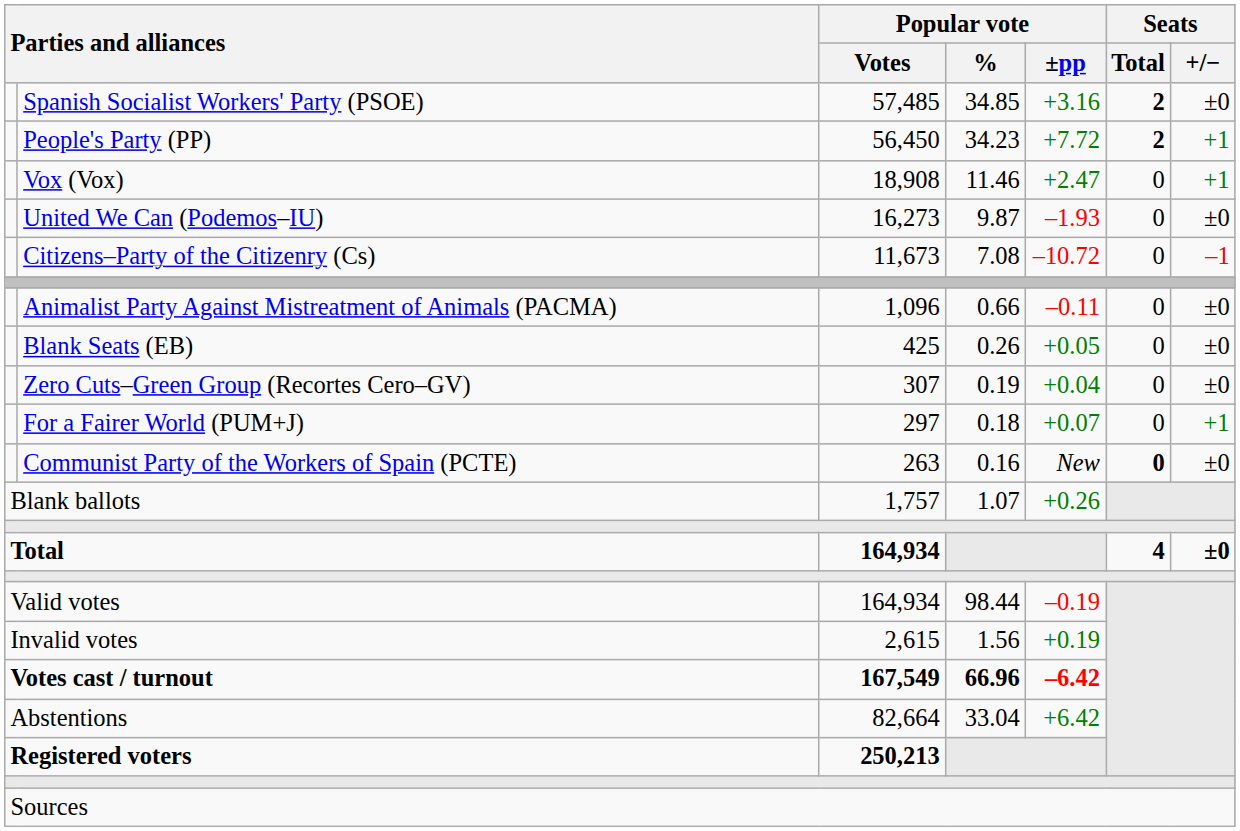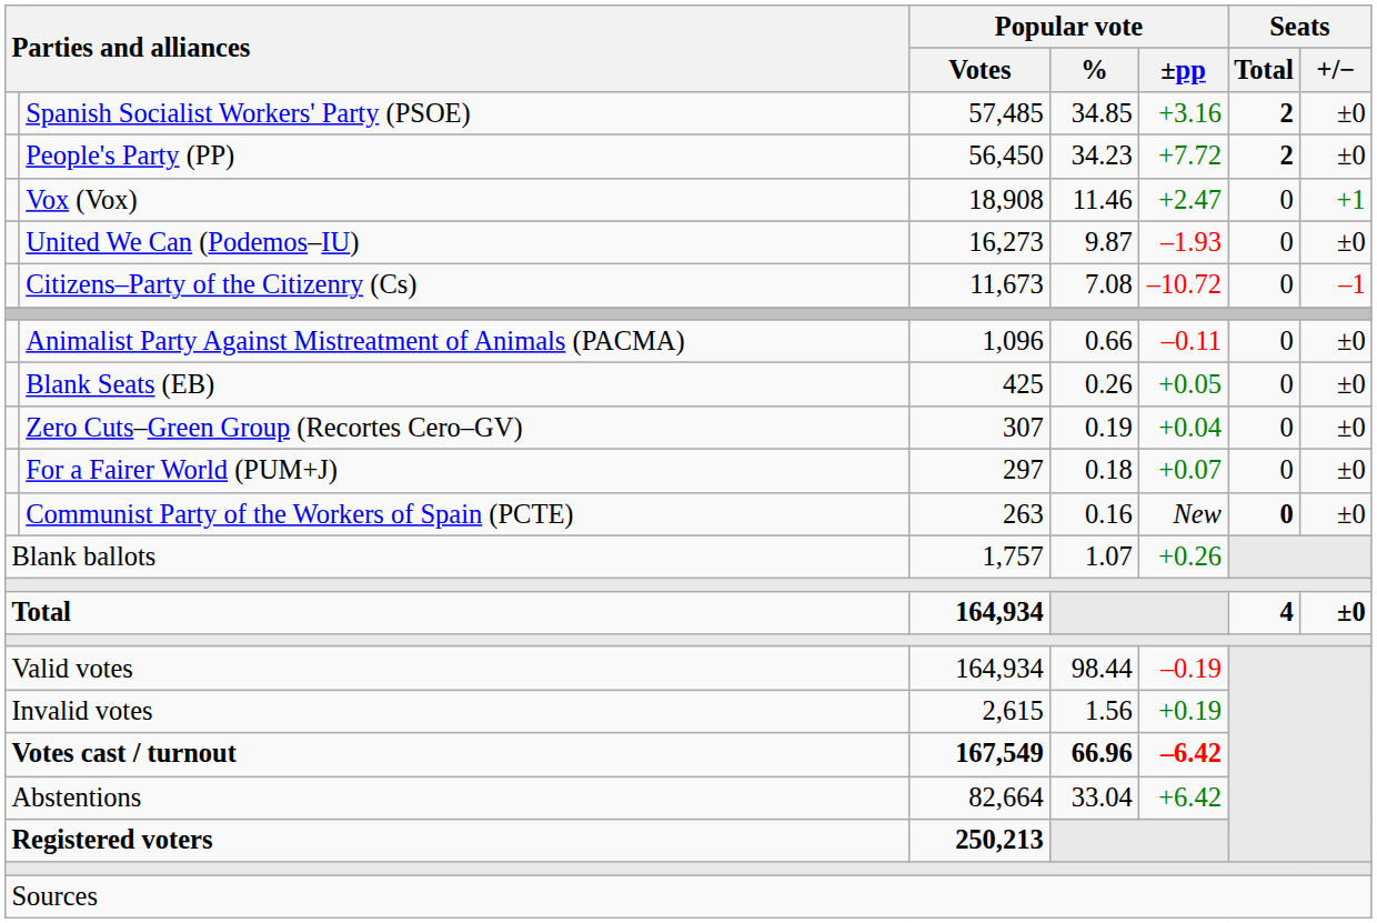 <table class="wikitable" style="text-align:right;">
 <tr>
 <th style="text-align:left;" rowspan="2" colspan="2" width="525">Parties and alliances</th>
 <th colspan="3">Popular vote</th>
 <th colspan="2">Seats</th>
 </tr>
 <tr>
 <th width="75">Votes</th>
 <th width="45">%</th>
 <th width="45">±<a href='#'>pp</a></th>
 <th width="35">Total</th>
 <th width="35">+/−</th>
 </tr>
 <tr>
 <td width="1" style="color:inherit;background:"></td>
 <td align="left"><a href='#'>Spanish Socialist Workers' Party</a> (PSOE)</td>
 <td>57,485</td>
 <td>34.85</td>
 <td style="color:green;">+3.16</td>
 <td><strong>2</strong></td>
 <td>±0</td>
 </tr>
 <tr>
 <td style="color:inherit;background:"></td>
 <td align="left"><a href='#'>People's Party</a> (PP)</td>
 <td>56,450</td>
 <td>34.23</td>
 <td style="color:green;">+7.72</td>
 <td><strong>2</strong></td>
-<td style="color:green;">+1</td>
+<td>±0</td>
 </tr>
 <tr>
 <td style="color:inherit;background:"></td>
 <td align="left"><a href='#'>Vox</a> (Vox)</td>
 <td>18,908</td>
 <td>11.46</td>
 <td style="color:green;">+2.47</td>
 <td>0</td>
 <td style="color:green;">+1</td>
 </tr>
 <tr>
 <td style="color:inherit;background:"></td>
 <td align="left"><a href='#'>United We Can</a> (<a href='#'>Podemos</a>–<a href='#'>IU</a>)</td>
 <td>16,273</td>
 <td>9.87</td>
 <td style="color:red;">–1.93</td>
 <td>0</td>
 <td>±0</td>
 </tr>
 <tr>
 <td style="color:inherit;background:"></td>
 <td align="left"><a href='#'>Citizens–Party of the Citizenry</a> (Cs)</td>
 <td>11,673</td>
 <td>7.08</td>
 <td style="color:red;">–10.72</td>
 <td>0</td>
 <td style="color:red;">–1</td>
 </tr>
 <tr>
 <td colspan="7" bgcolor="#C0C0C0"></td>
 </tr>
 <tr>
 <td style="color:inherit;background:"></td>
 <td align="left"><a href='#'>Animalist Party Against Mistreatment of Animals</a> (PACMA)</td>
 <td>1,096</td>
 <td>0.66</td>
 <td style="color:red;">–0.11</td>
 <td>0</td>
 <td>±0</td>
 </tr>
 <tr>
 <td style="color:inherit;background:"></td>
 <td align="left"><a href='#'>Blank Seats</a> (EB)</td>
 <td>425</td>
 <td>0.26</td>
 <td style="color:green;">+0.05</td>
 <td>0</td>
 <td>±0</td>
 </tr>
 <tr>
 <td style="color:inherit;background:"></td>
 <td align="left"><a href='#'>Zero Cuts</a>–<a href='#'>Green Group</a> (Recortes Cero–GV)</td>
 <td>307</td>
 <td>0.19</td>
 <td style="color:green;">+0.04</td>
 <td>0</td>
 <td>±0</td>
 </tr>
 <tr>
 <td style="color:inherit;background:"></td>
 <td align="left"><a href='#'>For a Fairer World</a> (PUM+J)</td>
 <td>297</td>
 <td>0.18</td>
 <td style="color:green;">+0.07</td>
 <td>0</td>
-<td style="color:green;">+1</td>
+<td>±0</td>
 </tr>
 <tr>
 <td style="color:inherit;background:"></td>
 <td align="left"><a href='#'>Communist Party of the Workers of Spain</a> (PCTE)</td>
 <td>263</td>
 <td>0.16</td>
 <td><em>New</em></td>
 <td><strong>0</strong></td>
 <td>±0</td>
 </tr>
 <tr>
 <td align="left" colspan="2">Blank ballots</td>
 <td>1,757</td>
 <td>1.07</td>
 <td style="color:green;">+0.26</td>
 <td bgcolor="#E9E9E9" colspan="2"></td>
 </tr>
 <tr>
 <td colspan="7" bgcolor="#E9E9E9"></td>
 </tr>
 <tr style="font-weight:bold;">
 <td align="left" colspan="2">Total</td>
 <td>164,934</td>
 <td bgcolor="#E9E9E9" colspan="2"></td>
 <td>4</td>
 <td>±0</td>
 </tr>
 <tr>
 <td colspan="7" bgcolor="#E9E9E9"></td>
 </tr>
 <tr>
 <td align="left" colspan="2">Valid votes</td>
 <td>164,934</td>
 <td>98.44</td>
 <td style="color:red;">–0.19</td>
 <td bgcolor="#E9E9E9" colspan="2" rowspan="5"></td>
 </tr>
 <tr>
 <td align="left" colspan="2">Invalid votes</td>
 <td>2,615</td>
 <td>1.56</td>
 <td style="color:green;">+0.19</td>
 </tr>
 <tr style="font-weight:bold;">
 <td align="left" colspan="2">Votes cast / turnout</td>
 <td>167,549</td>
 <td>66.96</td>
 <td style="color:red;">–6.42</td>
 </tr>
 <tr>
 <td align="left" colspan="2">Abstentions</td>
 <td>82,664</td>
 <td>33.04</td>
 <td style="color:green;">+6.42</td>
 </tr>
 <tr style="font-weight:bold;">
 <td align="left" colspan="2">Registered voters</td>
 <td>250,213</td>
 <td bgcolor="#E9E9E9" colspan="2"></td>
 </tr>
 <tr>
 <td colspan="7" bgcolor="#E9E9E9"></td>
 </tr>
 <tr>
 <td align="left" colspan="7">Sources</td>
 </tr>
 </table>
